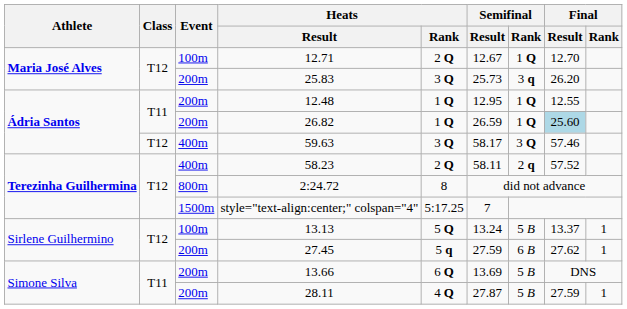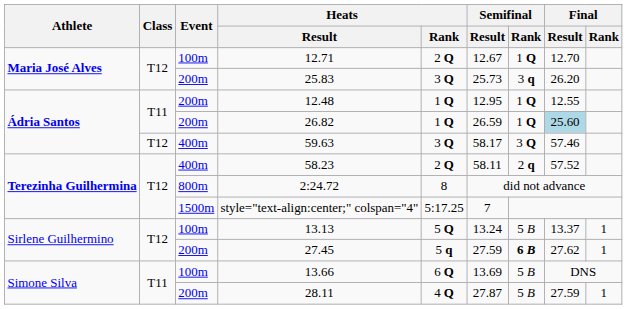 <table class=wikitable style="font-size:90%">
 <tr>
 <th rowspan="2">Athlete</th>
 <th rowspan="2">Class</th>
 <th rowspan="2">Event</th>
 <th colspan="2">Heats</th>
 <th colspan="2">Semifinal</th>
 <th colspan="2">Final</th>
 </tr>
 <tr>
 <th>Result</th>
 <th>Rank</th>
 <th>Result</th>
 <th>Rank</th>
 <th>Result</th>
 <th>Rank</th>
 </tr>
 <tr>
 <td rowspan="2"><strong><a href='#'>Maria José Alves</a></strong></td>
 <td rowspan="2" style="text-align:center;">T12</td>
 <td><a href='#'>100m</a></td>
 <td style="text-align:center;">12.71</td>
 <td style="text-align:center;">2 <strong>Q</strong></td>
 <td style="text-align:center;">12.67</td>
 <td style="text-align:center;">1 <strong>Q</strong></td>
 <td style="text-align:center;">12.70</td>
 <td style="text-align:center;"></td>
 </tr>
 <tr>
 <td><a href='#'>200m</a></td>
 <td style="text-align:center;">25.83</td>
 <td style="text-align:center;">3 <strong>Q</strong></td>
 <td style="text-align:center;">25.73</td>
 <td style="text-align:center;">3 <strong>q</strong></td>
 <td style="text-align:center;">26.20</td>
 <td style="text-align:center;"></td>
 </tr>
 <tr>
 <td rowspan="3"><strong><a href='#'>Ádria Santos</a></strong></td>
 <td rowspan="2" style="text-align:center;">T11</td>
 <td><a href='#'>200m</a></td>
 <td style="text-align:center;">12.48</td>
 <td style="text-align:center;">1 <strong>Q</strong></td>
 <td style="text-align:center;">12.95</td>
 <td style="text-align:center;">1 <strong>Q</strong></td>
 <td style="text-align:center;">12.55</td>
 <td style="text-align:center;"></td>
 </tr>
 <tr>
 <td><a href='#'>200m</a></td>
 <td style="text-align:center;">26.82</td>
 <td style="text-align:center;">1 <strong>Q</strong></td>
 <td style="text-align:center;">26.59</td>
 <td style="text-align:center;">1 <strong>Q</strong></td>
 <td style="background: lightblue; text-align:center;">25.60</td>
 <td style="text-align:center;"></td>
 </tr>
 <tr>
 <td style="text-align:center;">T12</td>
 <td><a href='#'>400m</a></td>
 <td style="text-align:center;">59.63</td>
 <td style="text-align:center;">3 <strong>Q</strong></td>
 <td style="text-align:center;">58.17</td>
 <td style="text-align:center;">3 <strong>Q</strong></td>
 <td style="text-align:center;">57.46</td>
 <td style="text-align:center;"></td>
 </tr>
 <tr>
 <td rowspan="3"><strong><a href='#'>Terezinha Guilhermina</a></strong></td>
 <td rowspan="3" style="text-align:center;">T12</td>
 <td><a href='#'>400m</a></td>
 <td style="text-align:center;">58.23</td>
 <td style="text-align:center;">2 <strong>Q</strong></td>
 <td style="text-align:center;">58.11</td>
 <td style="text-align:center;">2 <strong>q</strong></td>
 <td style="text-align:center;">57.52</td>
 <td style="text-align:center;"></td>
 </tr>
 <tr>
 <td><a href='#'>800m</a></td>
 <td style="text-align:center;">2:24.72</td>
 <td style="text-align:center;">8</td>
 <td style="text-align:center;" colspan="4">did not advance</td>
 </tr>
 <tr>
 <td><a href='#'>1500m</a></td>
 <td>style="text-align:center;" colspan="4" </td>
 <td style="text-align:center;">5:17.25</td>
 <td style="text-align:center;">7</td>
 </tr>
 <tr>
 <td rowspan="2"><a href='#'>Sirlene Guilhermino</a></td>
 <td rowspan="2" style="text-align:center;">T12</td>
 <td><a href='#'>100m</a></td>
 <td style="text-align:center;">13.13</td>
 <td style="text-align:center;">5 <strong>Q</strong></td>
 <td style="text-align:center;">13.24</td>
 <td style="text-align:center;">5 <em>B</em></td>
 <td style="text-align:center;">13.37</td>
 <td style="text-align:center;">1</td>
 </tr>
 <tr>
 <td><a href='#'>200m</a></td>
 <td style="text-align:center;">27.45</td>
 <td style="text-align:center;">5 <strong>q</strong></td>
 <td style="text-align:center;">27.59</td>
-<td style="text-align:center;">6 <em>B</em></td>
+<td style="text-align:center;"><strong>6 <em>B</em></strong></td>
 <td style="text-align:center;">27.62</td>
 <td style="text-align:center;">1</td>
 </tr>
 <tr>
 <td rowspan="2"><a href='#'>Simone Silva</a></td>
 <td rowspan="2" style="text-align:center;">T11</td>
-<td><a href='#'>200m</a></td>
+<td><a href='#'>100m</a></td>
 <td style="text-align:center;">13.66</td>
 <td style="text-align:center;">6 <strong>Q</strong></td>
 <td style="text-align:center;">13.69</td>
 <td style="text-align:center;">5 <em>B</em></td>
 <td style="text-align:center;" colspan="2">DNS</td>
 </tr>
 <tr>
 <td><a href='#'>200m</a></td>
 <td style="text-align:center;">28.11</td>
 <td style="text-align:center;">4 <strong>Q</strong></td>
 <td style="text-align:center;">27.87</td>
 <td style="text-align:center;">5 <em>B</em></td>
 <td style="text-align:center;">27.59</td>
 <td style="text-align:center;">1</td>
 </tr>
 </table>
